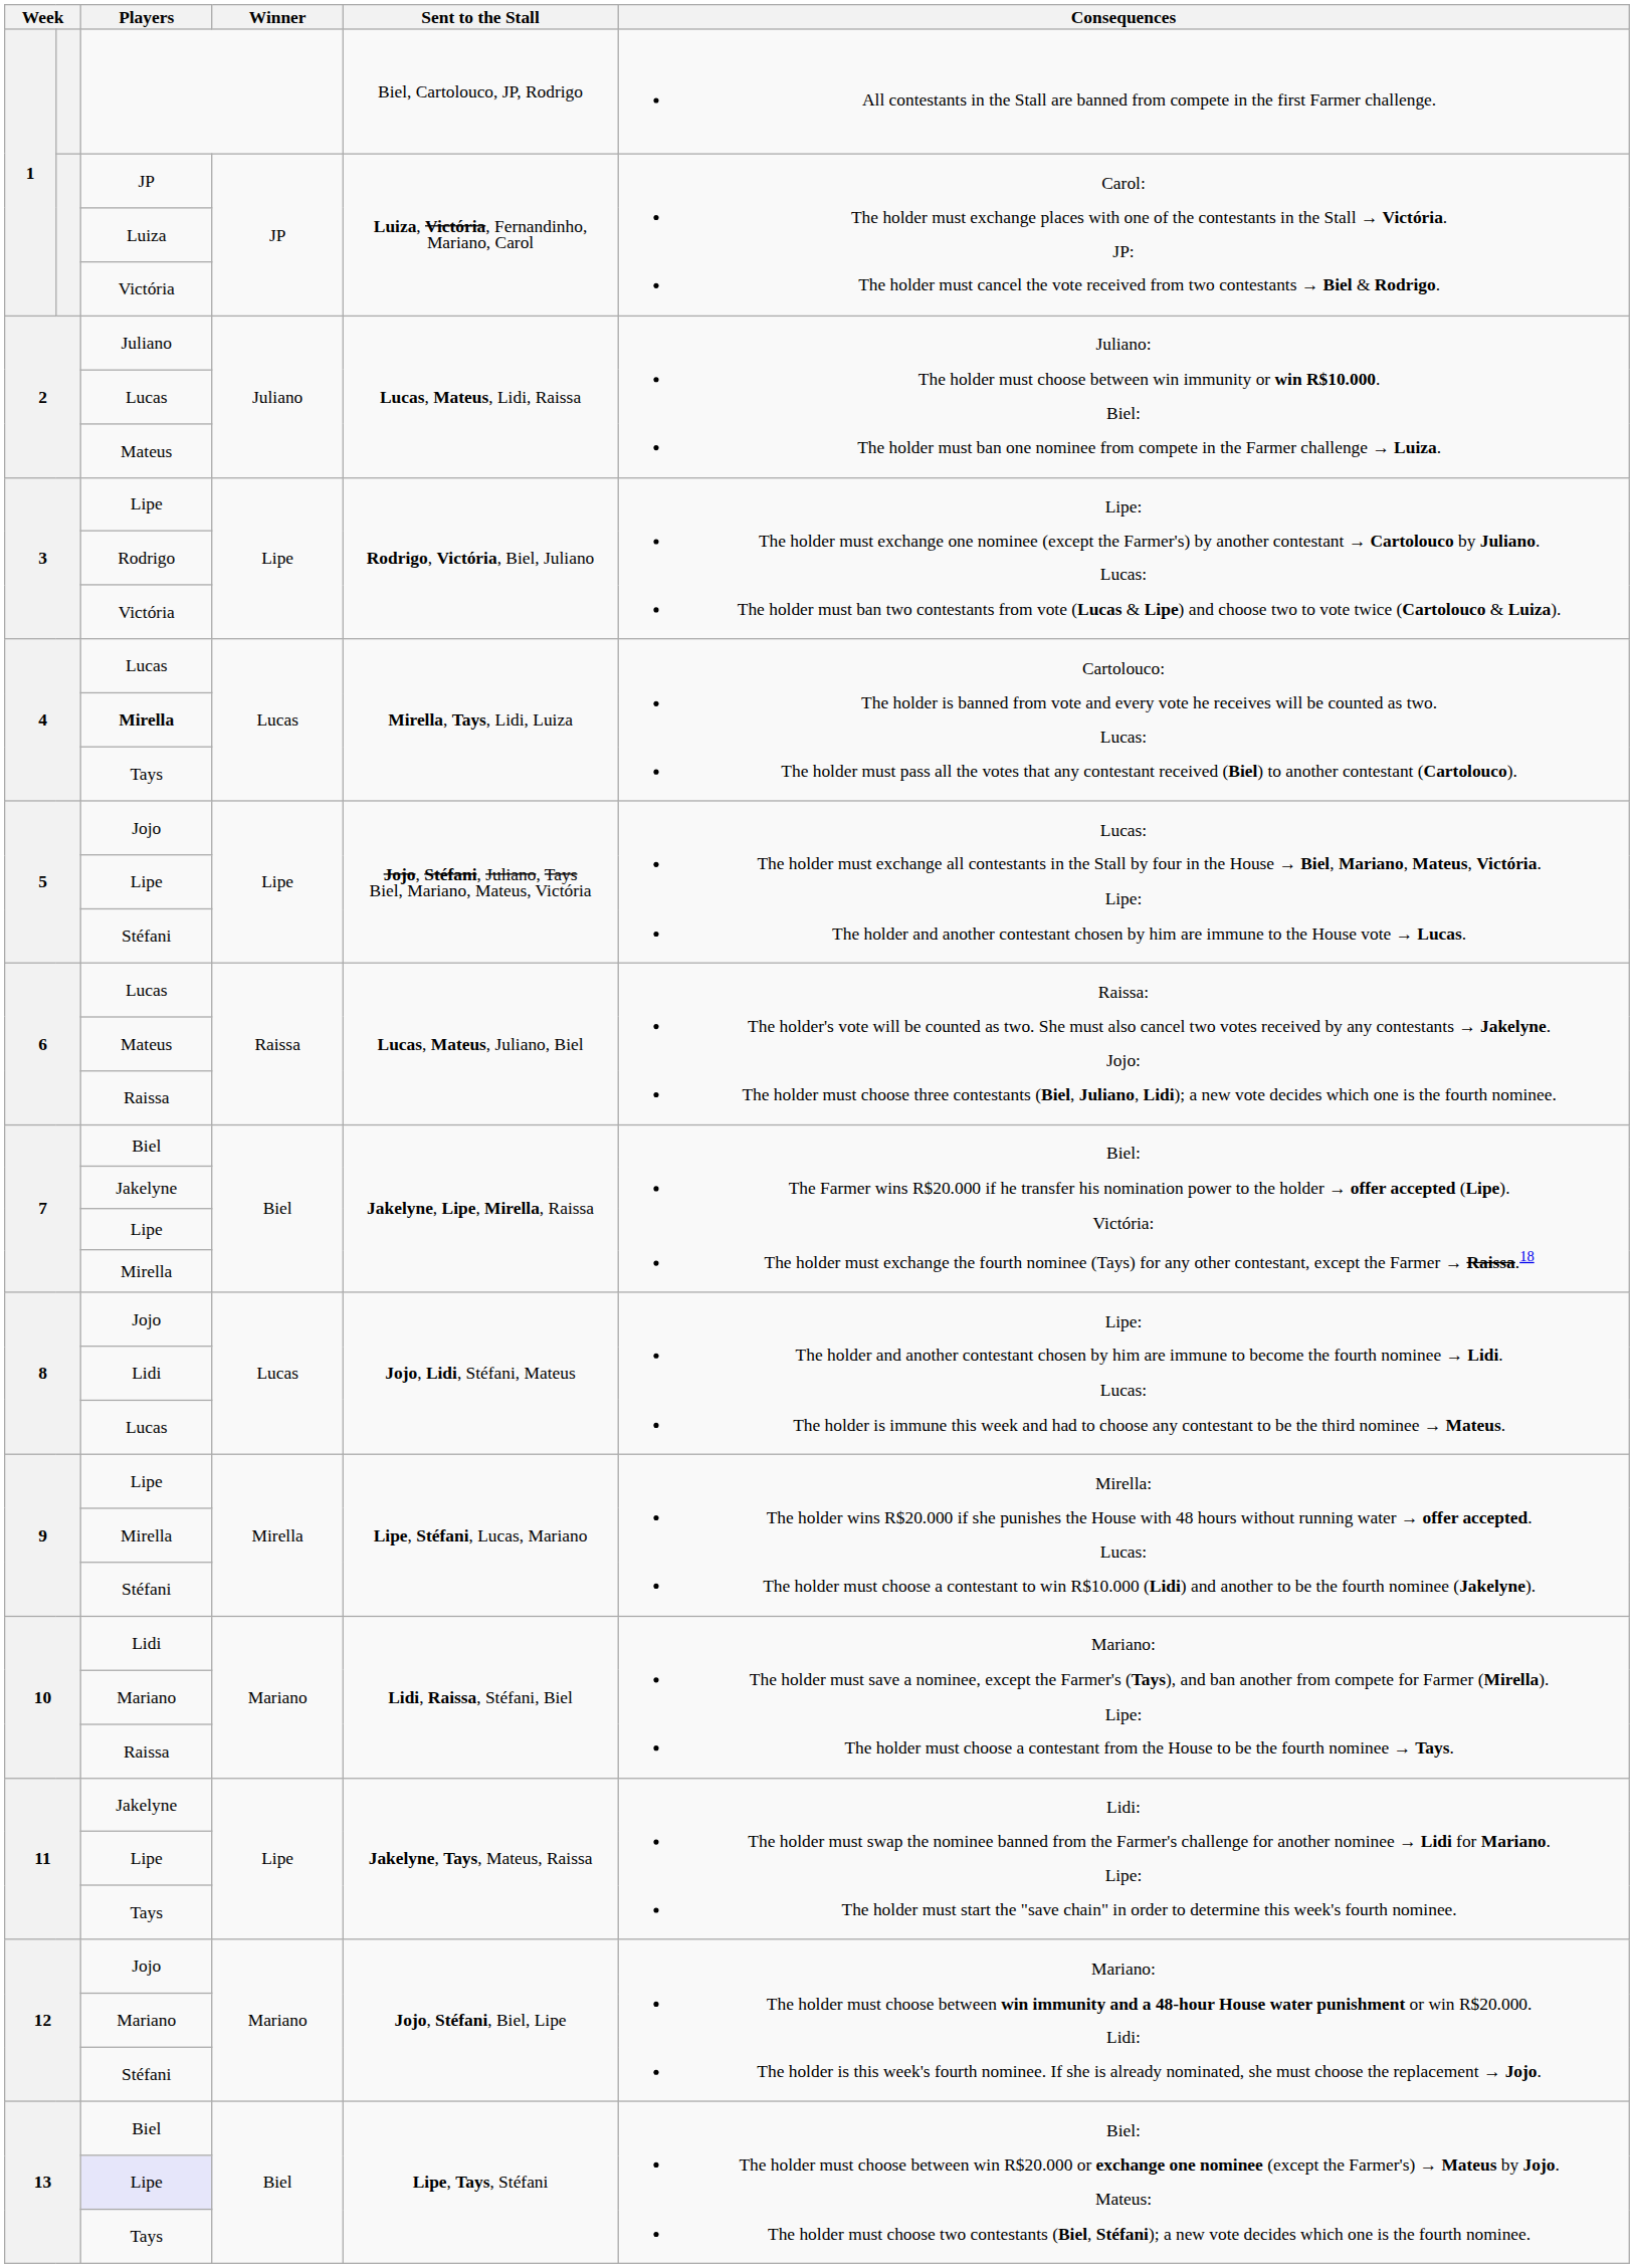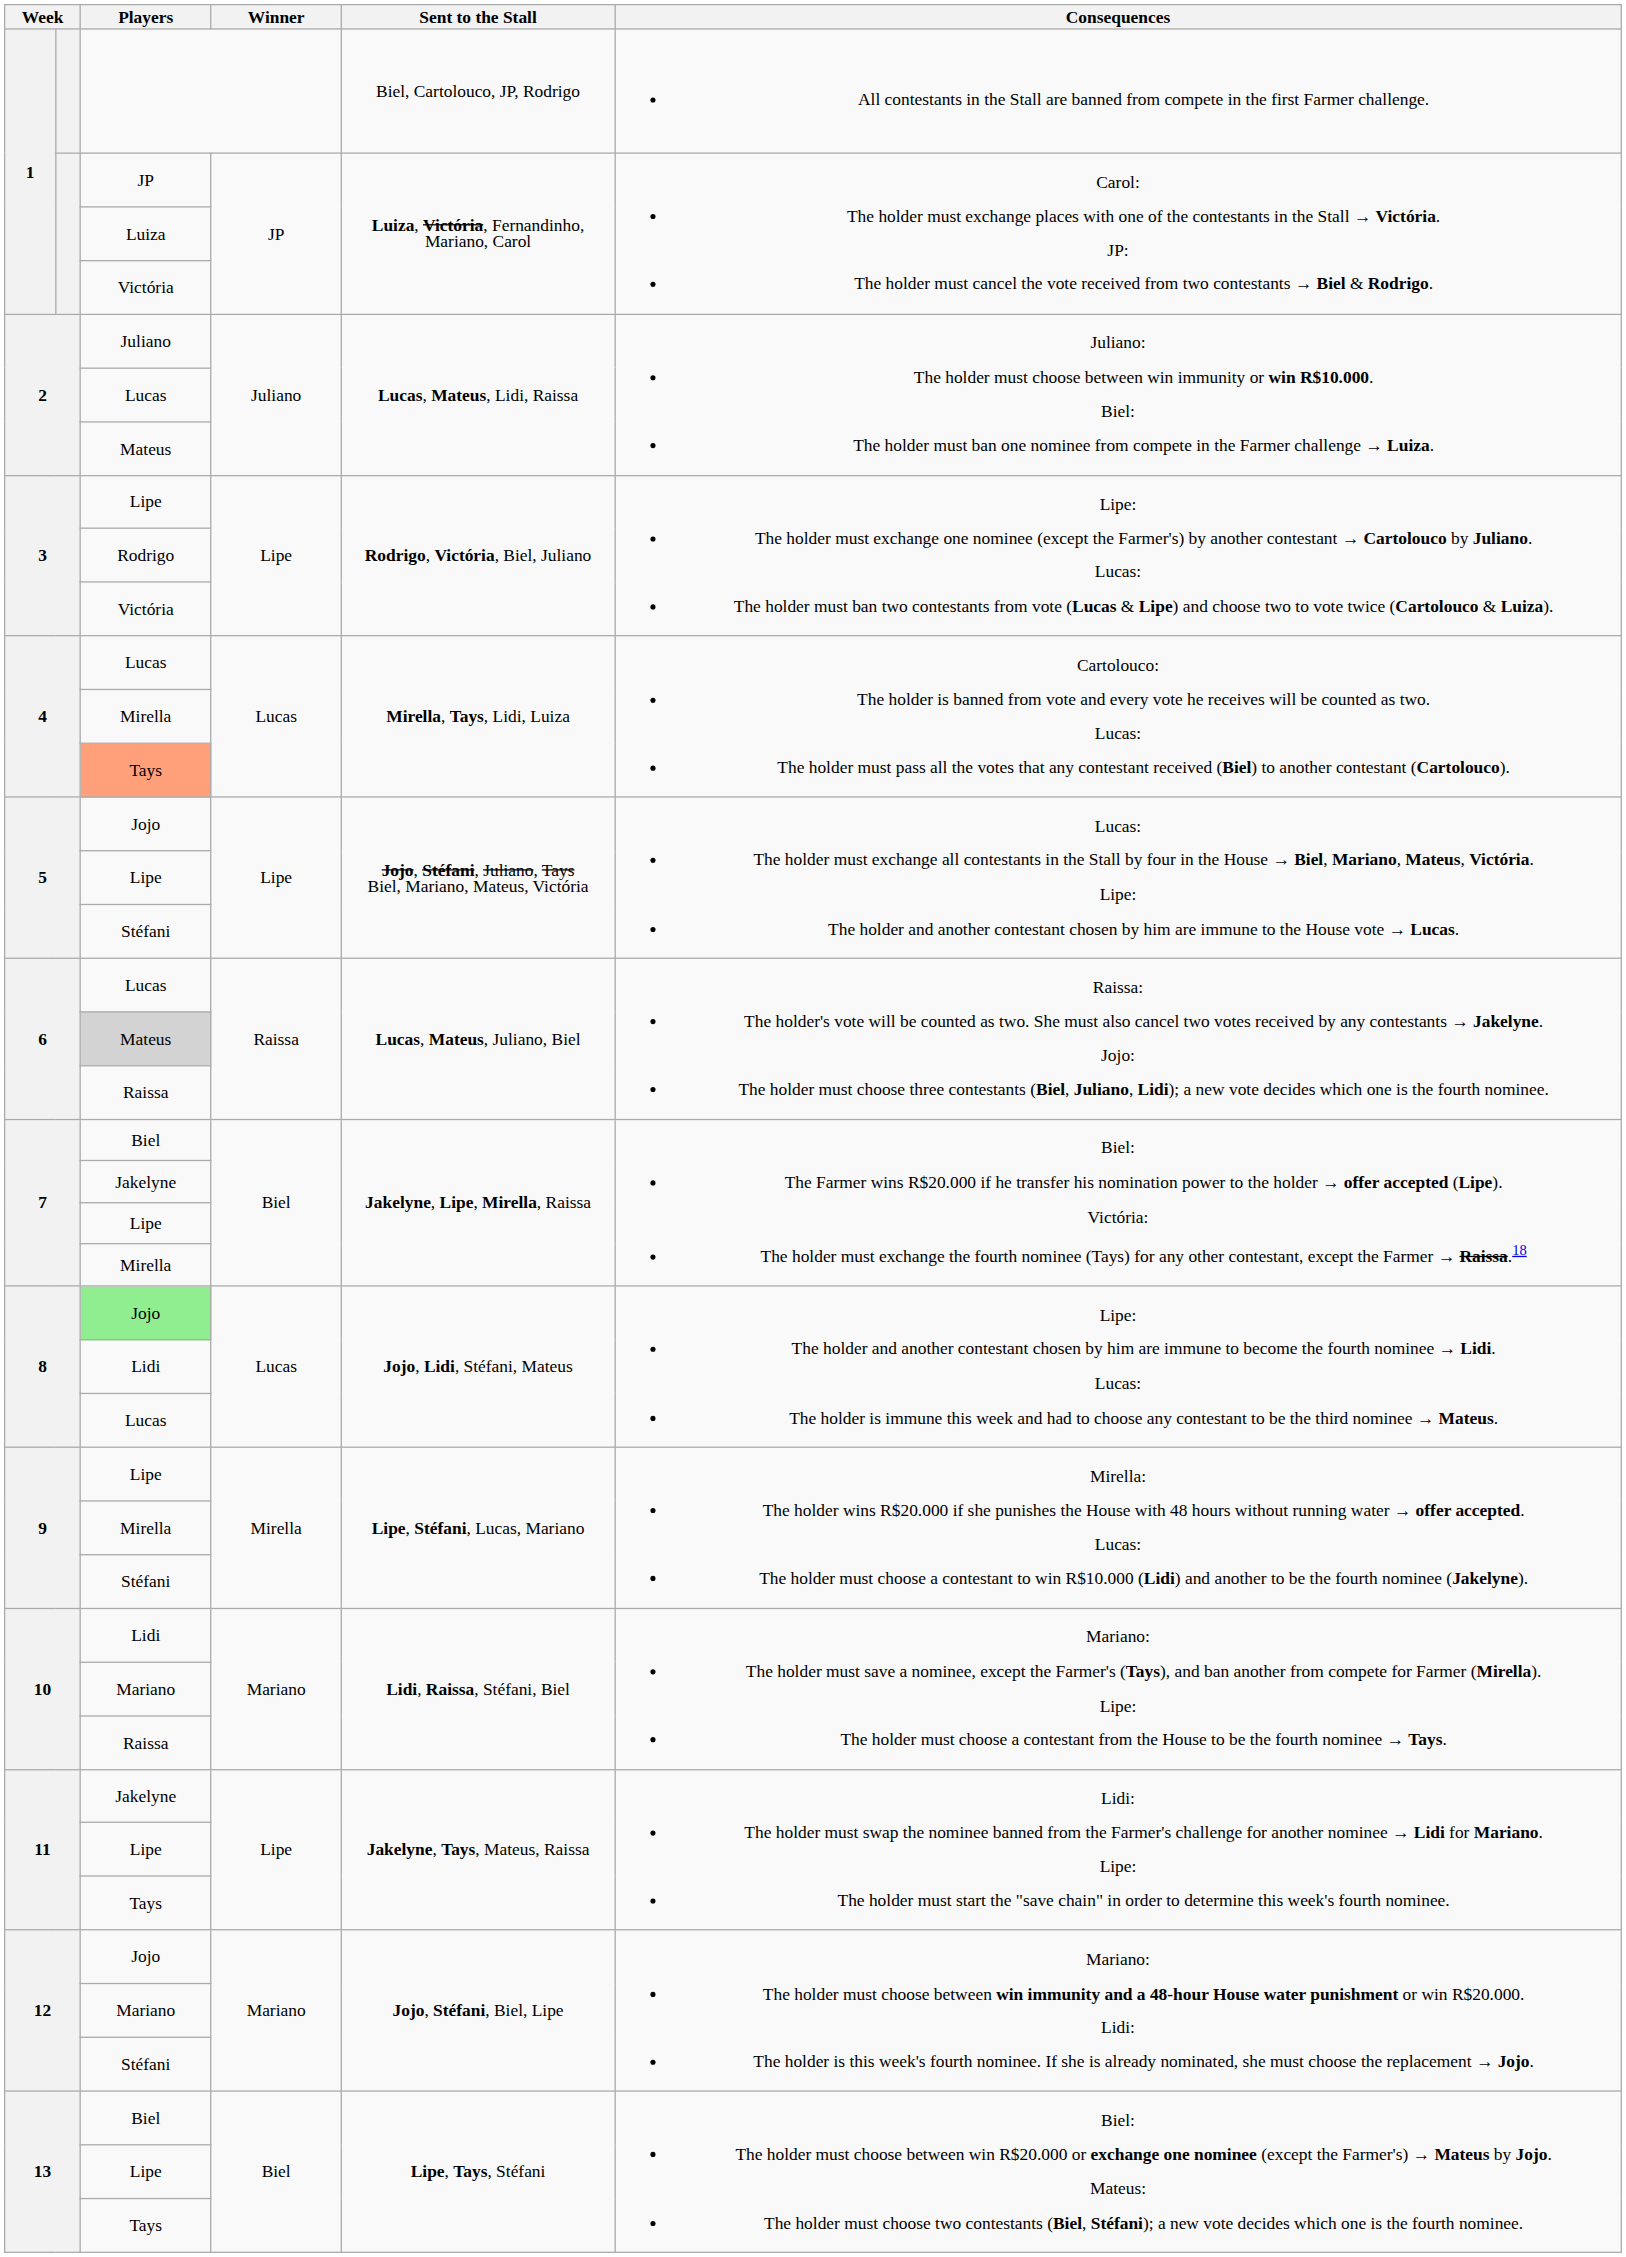 <table class="wikitable" style="text-align:center; font-size:85%; width:100%; line-height:13px;">
 <tr>
 <th width="03.00%" colspan=2>Week</th>
 <th width="05.25%">Players</th>
 <th width="05.25%">Winner</th>
 <th width="11.00%">Sent to the Stall</th>
 <th width="40.50%">Consequences</th>
 </tr>
 <tr>
 <th rowspan=4>1</th>
 <th></th>
 <td colspan=2 style="height:90px"></td>
 <td>Biel, Cartolouco, JP, Rodrigo<br></td>
 <td colspan=2><br><ul><li> All contestants in the Stall are banned from compete in the first Farmer challenge.</li></ul></td>
 </tr>
 <tr>
 <th rowspan=3></th>
 <td>JP</td>
 <td rowspan=3>JP</td>
 <td rowspan=3 style="height:90px"><strong>Luiza</strong>, <s><strong>Victória</strong></s>, Fernandinho, Mariano, Carol</td>
 <td rowspan=3><br>Carol:<ul><li> The holder must exchange places with one of the contestants in the Stall → <strong>Victória</strong>.</li></ul>JP:<ul><li> The holder must cancel the vote received from two contestants → <strong>Biel</strong> & <strong>Rodrigo</strong>.</li></ul></td>
 </tr>
 <tr>
 <td>Luiza</td>
 </tr>
 <tr>
 <td>Victória</td>
 </tr>
 <tr>
 <th rowspan=3 colspan=2>2</th>
 <td>Juliano</td>
 <td rowspan=3>Juliano</td>
 <td rowspan=3><strong>Lucas</strong>, <strong>Mateus</strong>, Lidi, Raissa</td>
 <td rowspan=3><br>Juliano:<ul><li> The holder must choose between win immunity or <strong>win R$10.000</strong>.</li></ul>Biel:<ul><li> The holder must ban one nominee from compete in the Farmer challenge → <strong>Luiza</strong>.</li></ul></td>
 </tr>
 <tr>
 <td>Lucas</td>
 </tr>
 <tr>
 <td>Mateus</td>
 </tr>
 <tr>
 <th rowspan=3 colspan=2>3</th>
 <td>Lipe</td>
 <td rowspan=3>Lipe</td>
 <td rowspan=3><strong>Rodrigo</strong>, <strong>Victória</strong>, Biel, Juliano</td>
 <td rowspan=3><br>Lipe:<ul><li> The holder must exchange one nominee (except the Farmer's) by another contestant → <strong>Cartolouco</strong> by <strong>Juliano</strong>.</li></ul>Lucas:<ul><li> The holder must ban two contestants from vote (<strong>Lucas</strong> & <strong>Lipe</strong>) and choose two to vote twice (<strong>Cartolouco</strong> & <strong>Luiza</strong>).</li></ul></td>
 </tr>
 <tr>
 <td>Rodrigo</td>
 </tr>
 <tr>
 <td>Victória</td>
 </tr>
 <tr>
 <th rowspan=3 colspan=2>4</th>
 <td>Lucas</td>
 <td rowspan=3>Lucas</td>
 <td rowspan=3><strong>Mirella</strong>, <strong>Tays</strong>, Lidi, Luiza</td>
 <td rowspan=3><br>Cartolouco:<ul><li> The holder is banned from vote and every vote he receives will be counted as two.</li></ul>Lucas:<ul><li> The holder must pass all the votes that any contestant received (<strong>Biel</strong>) to another contestant (<strong>Cartolouco</strong>).</li></ul></td>
 </tr>
 <tr>
-<td><strong>Mirella</strong></td>
+<td>Mirella</td>
 </tr>
 <tr>
-<td>Tays</td>
+<td style="background: lightsalmon;">Tays</td>
 </tr>
 <tr>
 <th rowspan=3 colspan=2>5</th>
 <td>Jojo</td>
 <td rowspan=3>Lipe</td>
 <td rowspan=3><s><strong>Jojo</strong></s>, <s><strong>Stéfani</strong></s>, <s>Juliano</s>, <s>Tays</s><br>Biel, Mariano, Mateus, Victória</td>
 <td rowspan=3><br>Lucas:<ul><li> The holder must exchange all contestants in the Stall by four in the House → <strong>Biel</strong>, <strong>Mariano</strong>, <strong>Mateus</strong>, <strong>Victória</strong>.</li></ul>Lipe:<ul><li> The holder and another contestant chosen by him are immune to the House vote → <strong>Lucas</strong>.</li></ul></td>
 </tr>
 <tr>
 <td>Lipe</td>
 </tr>
 <tr>
 <td>Stéfani</td>
 </tr>
 <tr>
 <th rowspan=3 colspan=2>6</th>
 <td>Lucas</td>
 <td rowspan=3>Raissa</td>
 <td rowspan=3><strong>Lucas</strong>, <strong>Mateus</strong>, Juliano, Biel</td>
 <td rowspan=3><br>Raissa:<ul><li> The holder's vote will be counted as two. She must also cancel two votes received by any contestants → <strong>Jakelyne</strong>.</li></ul>Jojo:<ul><li> The holder must choose three contestants (<strong>Biel</strong>, <strong>Juliano</strong>, <strong>Lidi</strong>); a new vote decides which one is the fourth nominee. </li></ul></td>
 </tr>
 <tr>
-<td>Mateus</td>
+<td style="background: lightgrey;">Mateus</td>
 </tr>
 <tr>
 <td>Raissa</td>
 </tr>
 <tr>
 <th rowspan=4 colspan=2>7</th>
 <td>Biel</td>
 <td rowspan=4>Biel</td>
 <td rowspan=4><strong>Jakelyne</strong>, <strong>Lipe</strong>, <strong>Mirella</strong>, Raissa</td>
 <td rowspan=4><br>Biel:<ul><li> The Farmer wins R$20.000 if he transfer his nomination power to the holder → <strong>offer accepted</strong> (<strong>Lipe</strong>).</li></ul>Victória:<ul><li> The holder must exchange the fourth nominee (Tays) for any other contestant, except the Farmer → <s><strong>Raissa</strong></s>.<sup><a href='#'>18</a></sup></li></ul></td>
 </tr>
 <tr>
 <td>Jakelyne</td>
 </tr>
 <tr>
 <td>Lipe</td>
 </tr>
 <tr>
 <td>Mirella</td>
 </tr>
 <tr>
 <th rowspan=3 colspan=2>8</th>
-<td>Jojo</td>
+<td style="background: lightgreen;">Jojo</td>
 <td rowspan=3>Lucas</td>
 <td rowspan=3><strong>Jojo</strong>, <strong>Lidi</strong>, Stéfani, Mateus</td>
 <td rowspan=3><br>Lipe:<ul><li> The holder and another contestant chosen by him are immune to become the fourth nominee  → <strong>Lidi</strong>.</li></ul>Lucas:<ul><li> The holder is immune this week and had to choose any contestant to be the third nominee → <strong>Mateus</strong>.</li></ul></td>
 </tr>
 <tr>
 <td>Lidi</td>
 </tr>
 <tr>
 <td>Lucas</td>
 </tr>
 <tr>
 <th rowspan=3 colspan=2>9</th>
 <td>Lipe</td>
 <td rowspan=3>Mirella</td>
 <td rowspan=3><strong>Lipe</strong>, <strong>Stéfani</strong>, Lucas, Mariano</td>
 <td rowspan=3><br>Mirella:<ul><li> The holder wins R$20.000 if she punishes the House with 48 hours without running water → <strong>offer accepted</strong>.</li></ul>Lucas:<ul><li> The holder must choose a contestant to win R$10.000 (<strong>Lidi</strong>) and another to be the fourth nominee (<strong>Jakelyne</strong>).</li></ul></td>
 </tr>
 <tr>
 <td>Mirella</td>
 </tr>
 <tr>
 <td>Stéfani</td>
 </tr>
 <tr>
 <th rowspan=3 colspan=2>10</th>
 <td>Lidi</td>
 <td rowspan=3>Mariano</td>
 <td rowspan=3><strong>Lidi</strong>, <strong>Raissa</strong>, Stéfani, Biel</td>
 <td rowspan=3><br>Mariano:<ul><li> The holder must save a nominee, except the Farmer's (<strong>Tays</strong>), and ban another from compete for Farmer (<strong>Mirella</strong>).</li></ul>Lipe:<ul><li> The holder must choose a contestant from the House to be the fourth nominee → <strong>Tays</strong>.</li></ul></td>
 </tr>
 <tr>
 <td>Mariano</td>
 </tr>
 <tr>
 <td>Raissa</td>
 </tr>
 <tr>
 <th rowspan=3 colspan=2>11</th>
 <td>Jakelyne</td>
 <td rowspan=3>Lipe</td>
 <td rowspan=3><strong>Jakelyne</strong>, <strong>Tays</strong>, Mateus, Raissa</td>
 <td rowspan=3><br>Lidi:<ul><li> The holder must swap the nominee banned from the Farmer's challenge for another nominee → <strong>Lidi</strong> for <strong>Mariano</strong>.</li></ul>Lipe:<ul><li> The holder must start the "save chain" in order to determine this week's fourth nominee.</li></ul></td>
 </tr>
 <tr>
 <td>Lipe</td>
 </tr>
 <tr>
 <td>Tays</td>
 </tr>
 <tr>
 <th rowspan=3 colspan=2>12</th>
 <td>Jojo</td>
 <td rowspan=3>Mariano</td>
 <td rowspan=3><strong>Jojo</strong>, <strong>Stéfani</strong>, Biel, Lipe</td>
 <td rowspan=3><br>Mariano:<ul><li> The holder must choose between <strong>win immunity and a 48-hour House water punishment</strong> or win R$20.000.</li></ul>Lidi:<ul><li> The holder is this week's fourth nominee. If she is already nominated, she must choose the replacement → <strong>Jojo</strong>.</li></ul></td>
 </tr>
 <tr>
 <td>Mariano</td>
 </tr>
 <tr>
 <td>Stéfani</td>
 </tr>
 <tr>
 <th rowspan=3 colspan=2>13</th>
 <td>Biel</td>
 <td rowspan=3>Biel</td>
 <td rowspan=3><strong>Lipe</strong>, <strong>Tays</strong>, Stéfani</td>
 <td rowspan=3><br>Biel:<ul><li> The holder must choose between win R$20.000 or <strong>exchange one nominee</strong> (except the Farmer's) → <strong>Mateus</strong> by <strong>Jojo</strong>.</li></ul>Mateus:<ul><li> The holder must choose two contestants (<strong>Biel</strong>, <strong>Stéfani</strong>); a new vote decides which one is the fourth nominee.</li></ul></td>
 </tr>
 <tr>
-<td style="background: lavender;">Lipe</td>
+<td>Lipe</td>
 </tr>
 <tr>
 <td>Tays</td>
 </tr>
 </table>
